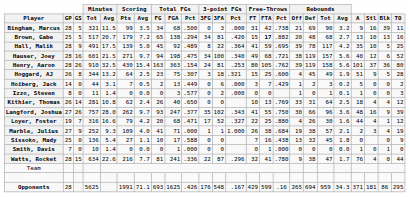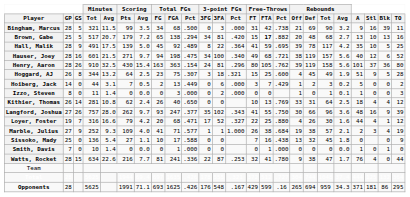 <table class="wikitable sortable" style="font-size:70%;">
 <tr>
 <th colspan="3" style="border-top-style:hidden; border-left-style:hidden; background: white;"></th>
 <th colspan="2" style="background:#">Minutes</th>
 <th colspan="2" style="background:#">Scoring</th>
 <th colspan="3" style="background:#">Total FGs</th>
 <th colspan="3" style="background:#">3-point FGs</th>
 <th colspan="3" style="background:#">Free-Throws</th>
 <th colspan="4" style="background:#">Rebounds</th>
 <th colspan="4" style="border-top-style:hidden; border-right-style:hidden; background: white;"></th>
 </tr>
 <tr>
 <th scope="col" style="background:#">Player</th>
 <th scope="col" style="background:#">GP</th>
 <th scope="col" style="background:#">GS</th>
 <th scope="col" style="background:#">Tot</th>
 <th scope="col" style="background:#">Avg</th>
 <th scope="col" style="background:#">Pts</th>
 <th scope="col" style="background:#">Avg</th>
 <th scope="col" style="background:#">FG</th>
 <th scope="col" style="background:#">FGA</th>
 <th scope="col" style="background:#">Pct</th>
 <th scope="col" style="background:#">3FG</th>
 <th scope="col" style="background:#">3FA</th>
 <th scope="col" style="background:#">Pct</th>
 <th scope="col" style="background:#">FT</th>
 <th scope="col" style="background:#">FTA</th>
 <th scope="col" style="background:#">Pct</th>
 <th scope="col" style="background:#">Off</th>
 <th scope="col" style="background:#">Def</th>
 <th scope="col" style="background:#">Tot</th>
 <th scope="col" style="background:#">Avg</th>
 <th scope="col" style="background:#">A</th>
 <th scope="col" style="background:#">Stl</th>
 <th scope="col" style="background:#">Blk</th>
 <th scope="col" style="background:#">TO</th>
 </tr>
 <tr>
 <th style=white-space:nowrap>Bingham, Marcus</th>
 <td style="text-align:right;">28</td>
 <td style="text-align:right;">5</td>
 <td style="text-align:right;">321</td>
 <td style="text-align:right;">11.5</td>
 <td style="text-align:right;">99</td>
 <td style="text-align:right;">3.5</td>
 <td style="text-align:right;">34</td>
 <td style="text-align:right;">68</td>
 <td style="text-align:right;">.500</td>
 <td style="text-align:right;">0</td>
 <td style="text-align:right;">3</td>
 <td style="text-align:right;">.000</td>
 <td style="text-align:right;">31</td>
 <td style="text-align:right;">42</td>
 <td style="text-align:right;">.738</td>
 <td style="text-align:right;">21</td>
 <td style="text-align:right;">69</td>
 <td style="text-align:right;">90</td>
 <td style="text-align:right;">3.2</td>
 <td style="text-align:right;">9</td>
 <td style="text-align:right;">16</td>
 <td style="text-align:right;">39</td>
 <td style="text-align:right;">11</td>
 </tr>
 <tr>
 <th style=white-space:nowrap>Brown, Gabe</th>
 <td style="text-align:right;">25</td>
 <td style="text-align:right;">5</td>
 <td style="text-align:right;">517</td>
 <td style="text-align:right;">20.7</td>
 <td style="text-align:right;">179</td>
 <td style="text-align:right;">7.2</td>
 <td style="text-align:right;">65</td>
 <td style="text-align:right;">138</td>
 <td style="text-align:right;">.294</td>
 <td style="text-align:right;">34</td>
 <td style="text-align:right;">81</td>
 <td style="text-align:right;">.420</td>
 <td style="text-align:right;">15</td>
 <td style="text-align:right;"><strong>17</strong></td>
 <td style="text-align:right;">.882</td>
 <td style="text-align:right;">20</td>
 <td style="text-align:right;">48</td>
 <td style="text-align:right;">68</td>
 <td style="text-align:right;">2.7</td>
 <td style="text-align:right;">13</td>
 <td style="text-align:right;">10</td>
 <td style="text-align:right;">13</td>
 <td style="text-align:right;">16</td>
 </tr>
 <tr>
 <th style=white-space:nowrap>Hall, Malik</th>
 <td style="text-align:right;">28</td>
 <td style="text-align:right;">9</td>
 <td style="text-align:right;">491</td>
 <td style="text-align:right;">17.5</td>
 <td style="text-align:right;">139</td>
 <td style="text-align:right;">5.0</td>
 <td style="text-align:right;">45</td>
 <td style="text-align:right;">92</td>
 <td style="text-align:right;">.489</td>
 <td style="text-align:right;">8</td>
 <td style="text-align:right;">22</td>
 <td style="text-align:right;">.364</td>
 <td style="text-align:right;">41</td>
 <td style="text-align:right;">59</td>
 <td style="text-align:right;">.695</td>
 <td style="text-align:right;">39</td>
 <td style="text-align:right;">78</td>
 <td style="text-align:right;">117</td>
 <td style="text-align:right;">4.2</td>
 <td style="text-align:right;">35</td>
 <td style="text-align:right;">10</td>
 <td style="text-align:right;">5</td>
 <td style="text-align:right;">25</td>
 </tr>
 <tr>
 <th style=white-space:nowrap>Hauser, Joey</th>
 <td style="text-align:right;">28</td>
 <td style="text-align:right;">16</td>
 <td style="text-align:right;">601</td>
 <td style="text-align:right;">21.5</td>
 <td style="text-align:right;">271</td>
 <td style="text-align:right;">9.7</td>
 <td style="text-align:right;">94</td>
 <td style="text-align:right;">198</td>
 <td style="text-align:right;">.475</td>
 <td style="text-align:right;">34</td>
 <td style="text-align:right;">100</td>
 <td style="text-align:right;">.340</td>
 <td style="text-align:right;">49</td>
 <td style="text-align:right;">68</td>
 <td style="text-align:right;">.721</td>
 <td style="text-align:right;">38</td>
 <td style="text-align:right;">119</td>
 <td style="text-align:right;">157</td>
 <td style="text-align:right;">5.6</td>
 <td style="text-align:right;">40</td>
 <td style="text-align:right;">12</td>
 <td style="text-align:right;">6</td>
 <td style="text-align:right;">52</td>
 </tr>
 <tr>
 <th style=white-space:nowrap>Henry, Aaron</th>
 <td style="text-align:right;">28</td>
 <td style="text-align:right;">26</td>
 <td style="text-align:right;">910</td>
 <td style="text-align:right;">32.5</td>
 <td style="text-align:right;">430</td>
 <td style="text-align:right;">15.4</td>
 <td style="text-align:right;">163</td>
 <td style="text-align:right;">363</td>
 <td style="text-align:right;">.154</td>
 <td style="text-align:right;">24</td>
 <td style="text-align:right;">81</td>
-<td style="text-align:right;">.253</td>
+<td style="text-align:right;">.296</td>
 <td style="text-align:right;">80</td>
 <td style="text-align:right;">105</td>
 <td style="text-align:right;">.762</td>
 <td style="text-align:right;">39</td>
 <td style="text-align:right;">119</td>
 <td style="text-align:right;">158</td>
 <td style="text-align:right;">5.6</td>
 <td style="text-align:right;">101</td>
 <td style="text-align:right;">37</td>
 <td style="text-align:right;">36</td>
 <td style="text-align:right;">80</td>
 </tr>
 <tr>
 <th style=white-space:nowrap>Hoggard, AJ</th>
 <td style="text-align:right;">26</td>
 <td style="text-align:right;">8</td>
 <td style="text-align:right;">344</td>
 <td style="text-align:right;">13.2</td>
 <td style="text-align:right;">64</td>
 <td style="text-align:right;">2.5</td>
 <td style="text-align:right;">23</td>
 <td style="text-align:right;">75</td>
 <td style="text-align:right;">.307</td>
 <td style="text-align:right;">3</td>
 <td style="text-align:right;">18</td>
 <td>.321</td>
 <td style="text-align:right;">15</td>
 <td style="text-align:right;">25</td>
 <td style="text-align:right;">.600</td>
 <td style="text-align:right;">4</td>
 <td style="text-align:right;">45</td>
 <td style="text-align:right;">49</td>
 <td style="text-align:right;">1.9</td>
 <td style="text-align:right;">51</td>
 <td style="text-align:right;">9</td>
 <td style="text-align:right;">5</td>
 <td style="text-align:right;">28</td>
 </tr>
 <tr>
 <th style=white-space:nowrap>Hoiberg, Jack</th>
 <td style="text-align:right;">14</td>
 <td style="text-align:right;">0</td>
 <td style="text-align:right;">44</td>
 <td style="text-align:right;">3.1</td>
 <td style="text-align:right;">7</td>
 <td style="text-align:right;">0.5</td>
 <td style="text-align:right;">2</td>
 <td style="text-align:right;">13</td>
 <td style="text-align:right;">.449</td>
 <td style="text-align:right;">0</td>
 <td style="text-align:right;">6</td>
 <td style="text-align:right;">.000</td>
 <td style="text-align:right;">3</td>
 <td style="text-align:right;">7</td>
 <td style="text-align:right;">.429</td>
 <td style="text-align:right;">1</td>
 <td style="text-align:right;">2</td>
 <td style="text-align:right;">3</td>
 <td style="text-align:right;">0.2</td>
 <td style="text-align:right;">5</td>
 <td style="text-align:right;">0</td>
 <td style="text-align:right;">0</td>
 <td style="text-align:right;">2</td>
 </tr>
 <tr>
 <th style=white-space:nowrap>Izzo, Steven</th>
 <td style="text-align:right;">8</td>
 <td style="text-align:right;">0</td>
 <td style="text-align:right;">11</td>
 <td style="text-align:right;">1.4</td>
 <td style="text-align:right;">0</td>
 <td style="text-align:right;">0.0</td>
 <td style="text-align:right;">0</td>
 <td style="text-align:right;">3</td>
-<td style="text-align:right;">.577</td>
+<td style="text-align:right;">.000</td>
 <td style="text-align:right;">0</td>
 <td style="text-align:right;">2</td>
 <td style="text-align:right;">.000</td>
 <td style="text-align:right;">0</td>
 <td style="text-align:right;">0</td>
 <td style="text-align:right;"></td>
 <td style="text-align:right;">1</td>
 <td style="text-align:right;">0</td>
 <td style="text-align:right;">1</td>
 <td style="text-align:right;">0.1</td>
 <td style="text-align:right;">1</td>
 <td style="text-align:right;">0</td>
 <td style="text-align:right;">0</td>
 <td style="text-align:right;">3</td>
 </tr>
 <tr>
 <th style=white-space:nowrap>Kithier, Thomas</th>
 <td style="text-align:right;">26</td>
 <td style="text-align:right;">14</td>
 <td style="text-align:right;">281</td>
 <td style="text-align:right;">10.8</td>
 <td style="text-align:right;">62</td>
 <td style="text-align:right;">2.4</td>
 <td style="text-align:right;">26</td>
 <td style="text-align:right;">40</td>
 <td style="text-align:right;">.650</td>
 <td style="text-align:right;">0</td>
 <td style="text-align:right;">0</td>
 <td style="text-align:right;"></td>
 <td style="text-align:right;">10</td>
 <td style="text-align:right;">13</td>
 <td style="text-align:right;">.769</td>
 <td style="text-align:right;">33</td>
 <td style="text-align:right;">31</td>
 <td style="text-align:right;">64</td>
 <td style="text-align:right;">2.5</td>
 <td style="text-align:right;">18</td>
 <td style="text-align:right;">4</td>
 <td style="text-align:right;">4</td>
 <td style="text-align:right;">12</td>
 </tr>
 <tr>
 <th style=white-space:nowrap>Langford, Joshua</th>
 <td style="text-align:right;">27</td>
 <td style="text-align:right;">26</td>
 <td style="text-align:right;">757</td>
 <td style="text-align:right;">28.0</td>
 <td style="text-align:right;">262</td>
 <td style="text-align:right;">9.7</td>
 <td style="text-align:right;">93</td>
 <td style="text-align:right;">247</td>
 <td style="text-align:right;">.377</td>
 <td style="text-align:right;">35</td>
 <td style="text-align:right;">102</td>
 <td style="text-align:right;">.343</td>
 <td style="text-align:right;">41</td>
 <td style="text-align:right;">55</td>
 <td style="text-align:right;">.750</td>
 <td style="text-align:right;">30</td>
 <td style="text-align:right;">66</td>
 <td style="text-align:right;">96</td>
 <td style="text-align:right;">3.6</td>
 <td style="text-align:right;">48</td>
 <td style="text-align:right;">16</td>
 <td style="text-align:right;">9</td>
 <td style="text-align:right;">39</td>
 </tr>
 <tr>
 <th style=white-space:nowrap>Loyer, Foster</th>
 <td style="text-align:right;">19</td>
 <td style="text-align:right;">7</td>
 <td style="text-align:right;">316</td>
 <td style="text-align:right;">16.6</td>
 <td style="text-align:right;">79</td>
 <td style="text-align:right;">4.2</td>
 <td style="text-align:right;">20</td>
 <td style="text-align:right;">68</td>
 <td style="text-align:right;">.471</td>
 <td style="text-align:right;">17</td>
 <td style="text-align:right;">52</td>
 <td style="text-align:right;">.327</td>
 <td style="text-align:right;">22</td>
 <td style="text-align:right;">25</td>
 <td style="text-align:right;">.880</td>
 <td style="text-align:right;">4</td>
 <td style="text-align:right;">26</td>
 <td style="text-align:right;">30</td>
 <td style="text-align:right;">1.6</td>
 <td style="text-align:right;">44</td>
 <td style="text-align:right;">4</td>
 <td style="text-align:right;">1</td>
 <td style="text-align:right;">12</td>
 </tr>
 <tr>
 <th style=white-space:nowrap>Marble, Julius</th>
 <td style="text-align:right;">27</td>
 <td style="text-align:right;">9</td>
 <td style="text-align:right;">252</td>
 <td style="text-align:right;">9.3</td>
 <td style="text-align:right;">109</td>
 <td style="text-align:right;">4.0</td>
 <td style="text-align:right;">41</td>
 <td style="text-align:right;">71</td>
-<td style="text-align:right;">.000</td>
+<td style="text-align:right;">.577</td>
 <td style="text-align:right;">1</td>
 <td style="text-align:right;">1</td>
 <td style="text-align:right;">1.000</td>
 <td style="text-align:right;">26</td>
 <td style="text-align:right;">38</td>
 <td style="text-align:right;">.684</td>
 <td style="text-align:right;">19</td>
 <td style="text-align:right;">38</td>
 <td style="text-align:right;">57</td>
 <td style="text-align:right;">2.1</td>
 <td style="text-align:right;">2</td>
 <td style="text-align:right;">3</td>
 <td style="text-align:right;">4</td>
 <td style="text-align:right;">19</td>
 </tr>
 <tr>
 <th style=white-space:nowrap>Sissoko, Mady</th>
 <td style="text-align:right;">25</td>
 <td style="text-align:right;">0</td>
 <td style="text-align:right;">136</td>
 <td style="text-align:right;">5.4</td>
 <td style="text-align:right;">27</td>
 <td style="text-align:right;">1.1</td>
 <td style="text-align:right;">10</td>
 <td style="text-align:right;">17</td>
 <td style="text-align:right;">.588</td>
 <td style="text-align:right;">0</td>
 <td style="text-align:right;">0</td>
 <td style="text-align:right;"></td>
 <td style="text-align:right;">7</td>
 <td style="text-align:right;">16</td>
 <td style="text-align:right;">.438</td>
 <td style="text-align:right;">13</td>
 <td style="text-align:right;">32</td>
 <td style="text-align:right;">45</td>
 <td style="text-align:right;">1.8</td>
 <td style="text-align:right;">0</td>
 <td style="text-align:right;"></td>
 <td style="text-align:right;">0</td>
 <td style="text-align:right;">9</td>
 </tr>
 <tr>
 <th style=white-space:nowrap>Smith, Davis</th>
 <td style="text-align:right;">7</td>
 <td style="text-align:right;">0</td>
 <td style="text-align:right;">10</td>
 <td style="text-align:right;">1.4</td>
 <td style="text-align:right;">0</td>
 <td style="text-align:right;">0.0</td>
 <td style="text-align:right;">0</td>
 <td style="text-align:right;">1</td>
 <td style="text-align:right;">.000</td>
 <td style="text-align:right;">0</td>
 <td style="text-align:right;">0</td>
 <td style="text-align:right;"></td>
 <td style="text-align:right;">0</td>
 <td style="text-align:right;">1</td>
 <td style="text-align:right;">.000</td>
 <td style="text-align:right;">0</td>
 <td style="text-align:right;">0</td>
 <td style="text-align:right;">0</td>
 <td style="text-align:right;">0.0</td>
 <td style="text-align:right;">1</td>
 <td style="text-align:right;">0</td>
 <td style="text-align:right;">1</td>
 <td style="text-align:right;">0</td>
 </tr>
 <tr>
 <th style=white-space:nowrap>Watts, Rocket</th>
 <td style="text-align:right;">28</td>
 <td style="text-align:right;">15</td>
 <td style="text-align:right;">634</td>
 <td style="text-align:right;">22.6</td>
 <td style="text-align:right;">216</td>
 <td style="text-align:right;">7.7</td>
 <td style="text-align:right;">81</td>
 <td style="text-align:right;">241</td>
 <td style="text-align:right;">.336</td>
 <td style="text-align:right;">22</td>
 <td style="text-align:right;">87</td>
-<td style="text-align:right;">.296</td>
+<td style="text-align:right;">.253</td>
 <td style="text-align:right;">32</td>
 <td style="text-align:right;">41</td>
 <td style="text-align:right;">.780</td>
 <td style="text-align:right;">9</td>
 <td style="text-align:right;">38</td>
 <td style="text-align:right;">47</td>
 <td style="text-align:right;">1.7</td>
 <td style="text-align:right;">76</td>
 <td style="text-align:right;">4</td>
 <td style="text-align:right;">0</td>
 <td style="text-align:right;">44</td>
 </tr>
 <tr class="sortbottom">
 <td style="text-align:center;">Team</td>
 <td style="text-align:right;"></td>
 <td style="text-align:right;"></td>
 <td style="text-align:right;"></td>
 <td style="text-align:right; border-right-style:hidden;"></td>
 <td style="text-align:right; border-right-style:hidden;"></td>
 <td style="text-align:right; border-right-style:hidden;"></td>
 <td style="text-align:right; border-right-style:hidden;"></td>
 <td style="text-align:right; border-right-style:hidden;"></td>
 <td style="text-align:right; border-right-style:hidden;"></td>
 <td style="text-align:right; border-right-style:hidden;"></td>
 <td style="text-align:right; border-right-style:hidden;"></td>
 <td style="text-align:right; border-right-style:hidden;"></td>
 <td style="text-align:right; border-right-style:hidden;"></td>
 <td style="text-align:right; border-right-style:hidden;"></td>
 <td style="text-align:right;"></td>
 <td style="text-align:right;"></td>
 <td style="text-align:right;"></td>
 <td style="text-align:right;"></td>
 <td style="text-align:right;"></td>
 <td style="text-align:right; border-right-style:hidden;"></td>
 <td style="text-align:right;"></td>
 <td style="text-align:right; border-right-style:hidden;"></td>
 <td style="text-align:right;"></td>
 </tr>
 <tr class="sortbottom" style="color:#ffffff;" style="background:#">
 <td style="text-align:center;color:#ffffff;"><strong>Total</strong></td>
 <td style="text-align:center; color:#fff;">28</td>
 <td align="center" style="background:#"></td>
 <td align="center" style="background:#">5625</td>
 <td align="center" style="background:#"></td>
 <td align="center" style="background:#">1944</td>
 <td align="center" style="background:#">69.4</td>
 <td align="center" style="background:#">697</td>
 <td align="center" style="background:#">1635</td>
 <td align="center" style="background:#">.426</td>
 <td align="center" style="background:#">178</td>
 <td align="center" style="background:#">555</td>
 <td align="center" style="background:#">.321</td>
 <td align="center" style="background:#">372</td>
 <td align="center" style="background:#">512</td>
 <td align="center" style="background:#">.727</td>
 <td align="center" style="background:#">304</td>
 <td align="center" style="background:#">744</td>
 <td align="center" style="background:#">1048</td>
 <td align="center" style="background:#">37.4</td>
 <td align="center" style="background:#">444</td>
 <td align="center" style="background:#">125</td>
 <td align="center" style="background:#">132</td>
 <td align="center" style="background:#">364</td>
 </tr>
 <tr class="sortbottom" style="text-align:center;">
 <td><strong>Opponents</strong></td>
 <td>28</td>
 <td style="text-align:center;"></td>
 <td>5625</td>
 <td style="text-align:center;"></td>
 <td>1991</td>
 <td>71.1</td>
 <td>693</td>
 <td>1625</td>
 <td>.426</td>
 <td>176</td>
 <td>548</td>
 <td style="text-align:right;">.167</td>
 <td>429</td>
 <td>599</td>
 <td>.16</td>
 <td>265</td>
 <td>694</td>
 <td>959</td>
 <td>34.3</td>
 <td>371</td>
 <td>181</td>
 <td>86</td>
 <td>295</td>
 </tr>
 </table>
